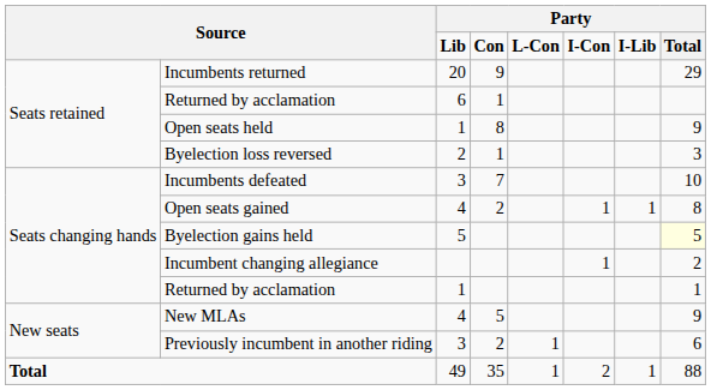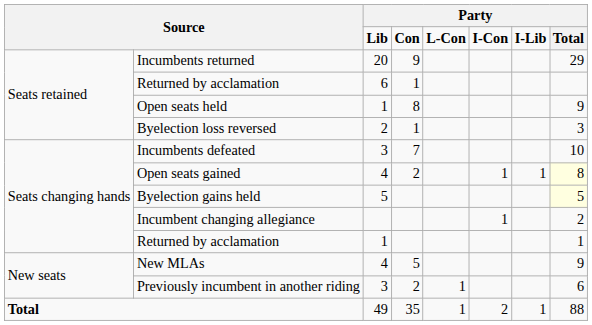 <table class="wikitable" style="text-align:right;">
 <tr>
 <th colspan="2" rowspan="2">Source</th>
 <th colspan="6">Party</th>
 </tr>
 <tr>
 <td><strong>Lib</strong></td>
 <td><strong>Con</strong></td>
 <td><strong>L-Con</strong></td>
 <td><strong>I-Con</strong></td>
 <td><strong>I-Lib</strong></td>
 <th>Total</th>
 </tr>
 <tr>
 <td rowspan="4" style="text-align:left;">Seats retained</td>
 <td style="text-align:left;">Incumbents returned</td>
 <td>20</td>
 <td>9</td>
 <td></td>
 <td></td>
 <td></td>
 <td>29</td>
 </tr>
 <tr>
 <td style="text-align:left;">Returned by acclamation</td>
 <td>6</td>
 <td>1</td>
 <td></td>
 <td></td>
 <td></td>
 <td></td>
 </tr>
 <tr>
 <td style="text-align:left;">Open seats held</td>
 <td>1</td>
 <td>8</td>
 <td></td>
 <td></td>
 <td></td>
 <td>9</td>
 </tr>
 <tr>
 <td style="text-align:left;">Byelection loss reversed</td>
 <td>2</td>
 <td>1</td>
 <td></td>
 <td></td>
 <td></td>
 <td>3</td>
 </tr>
 <tr>
 <td rowspan="5" style="text-align:left;">Seats changing hands</td>
 <td style="text-align:left;">Incumbents defeated</td>
 <td>3</td>
 <td>7</td>
 <td></td>
 <td></td>
 <td></td>
 <td>10</td>
 </tr>
 <tr>
 <td style="text-align:left;">Open seats gained</td>
 <td>4</td>
 <td>2</td>
 <td></td>
 <td>1</td>
 <td>1</td>
-<td>8</td>
+<td style="background: lightyellow;">8</td>
 </tr>
 <tr>
 <td style="text-align:left;">Byelection gains held</td>
 <td>5</td>
 <td></td>
 <td></td>
 <td></td>
 <td></td>
 <td style="background: lightyellow;">5</td>
 </tr>
 <tr>
 <td style="text-align:left;">Incumbent changing allegiance</td>
 <td></td>
 <td></td>
 <td></td>
 <td>1</td>
 <td></td>
 <td>2</td>
 </tr>
 <tr>
 <td style="text-align:left;">Returned by acclamation</td>
 <td>1</td>
 <td></td>
 <td></td>
 <td></td>
 <td></td>
 <td>1</td>
 </tr>
 <tr>
 <td rowspan="2" style="text-align:left;">New seats</td>
 <td style="text-align:left;">New MLAs</td>
 <td>4</td>
 <td>5</td>
 <td></td>
 <td></td>
 <td></td>
 <td>9</td>
 </tr>
 <tr>
 <td style="text-align:left;">Previously incumbent in another riding</td>
 <td>3</td>
 <td>2</td>
 <td>1</td>
 <td></td>
 <td></td>
 <td>6</td>
 </tr>
 <tr>
 <td colspan="2" style="text-align:left;"><strong>Total</strong></td>
 <td>49</td>
 <td>35</td>
 <td>1</td>
 <td>2</td>
 <td>1</td>
 <td>88</td>
 </tr>
 </table>
